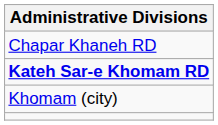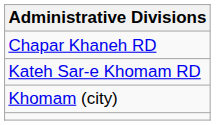 <table class="wikitable">
 <tr>
 <th>Administrative Divisions</th>
 </tr>
 <tr>
 <td><a href='#'>Chapar Khaneh RD</a></td>
 </tr>
 <tr>
-<td><strong><a href='#'>Kateh Sar-e Khomam RD</a></strong></td>
+<td><a href='#'>Kateh Sar-e Khomam RD</a></td>
 </tr>
 <tr>
 <td><a href='#'>Khomam</a> (city)</td>
 </tr>
 <tr>
 <td colspan=1></td>
 </tr>
 </table>
